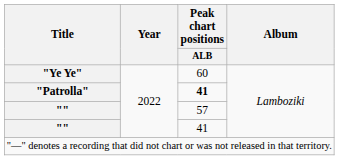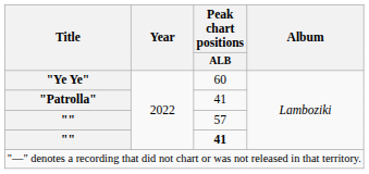 <table class="wikitable plainrowheaders" style="text-align:center;">
 <tr>
 <th scope="col" rowspan="2">Title</th>
 <th scope="col" rowspan="2">Year</th>
 <th scope="col" colspan="1">Peak<br>chart<br>positions</th>
 <th scope="col" rowspan="2">Album</th>
 </tr>
 <tr>
 <th style="width:3em; font-size:85%;">ALB<br></th>
 </tr>
 <tr>
 <th scope="row">"Ye Ye"</th>
 <td rowspan="4">2022</td>
 <td>60</td>
 <td rowspan="4"><em>Lamboziki</em></td>
 </tr>
 <tr>
 <th scope="row">"Patrolla"</th>
-<td><strong>41</strong></td>
+<td>41</td>
 </tr>
 <tr>
 <th scope="row">""</th>
 <td>57</td>
 </tr>
 <tr>
 <th scope="row">""</th>
-<td>41</td>
+<td><strong>41</strong></td>
 </tr>
 <tr>
 <td colspan="11" style="font-size:90%">"—" denotes a recording that did not chart or was not released in that territory.</td>
 </tr>
 </table>
